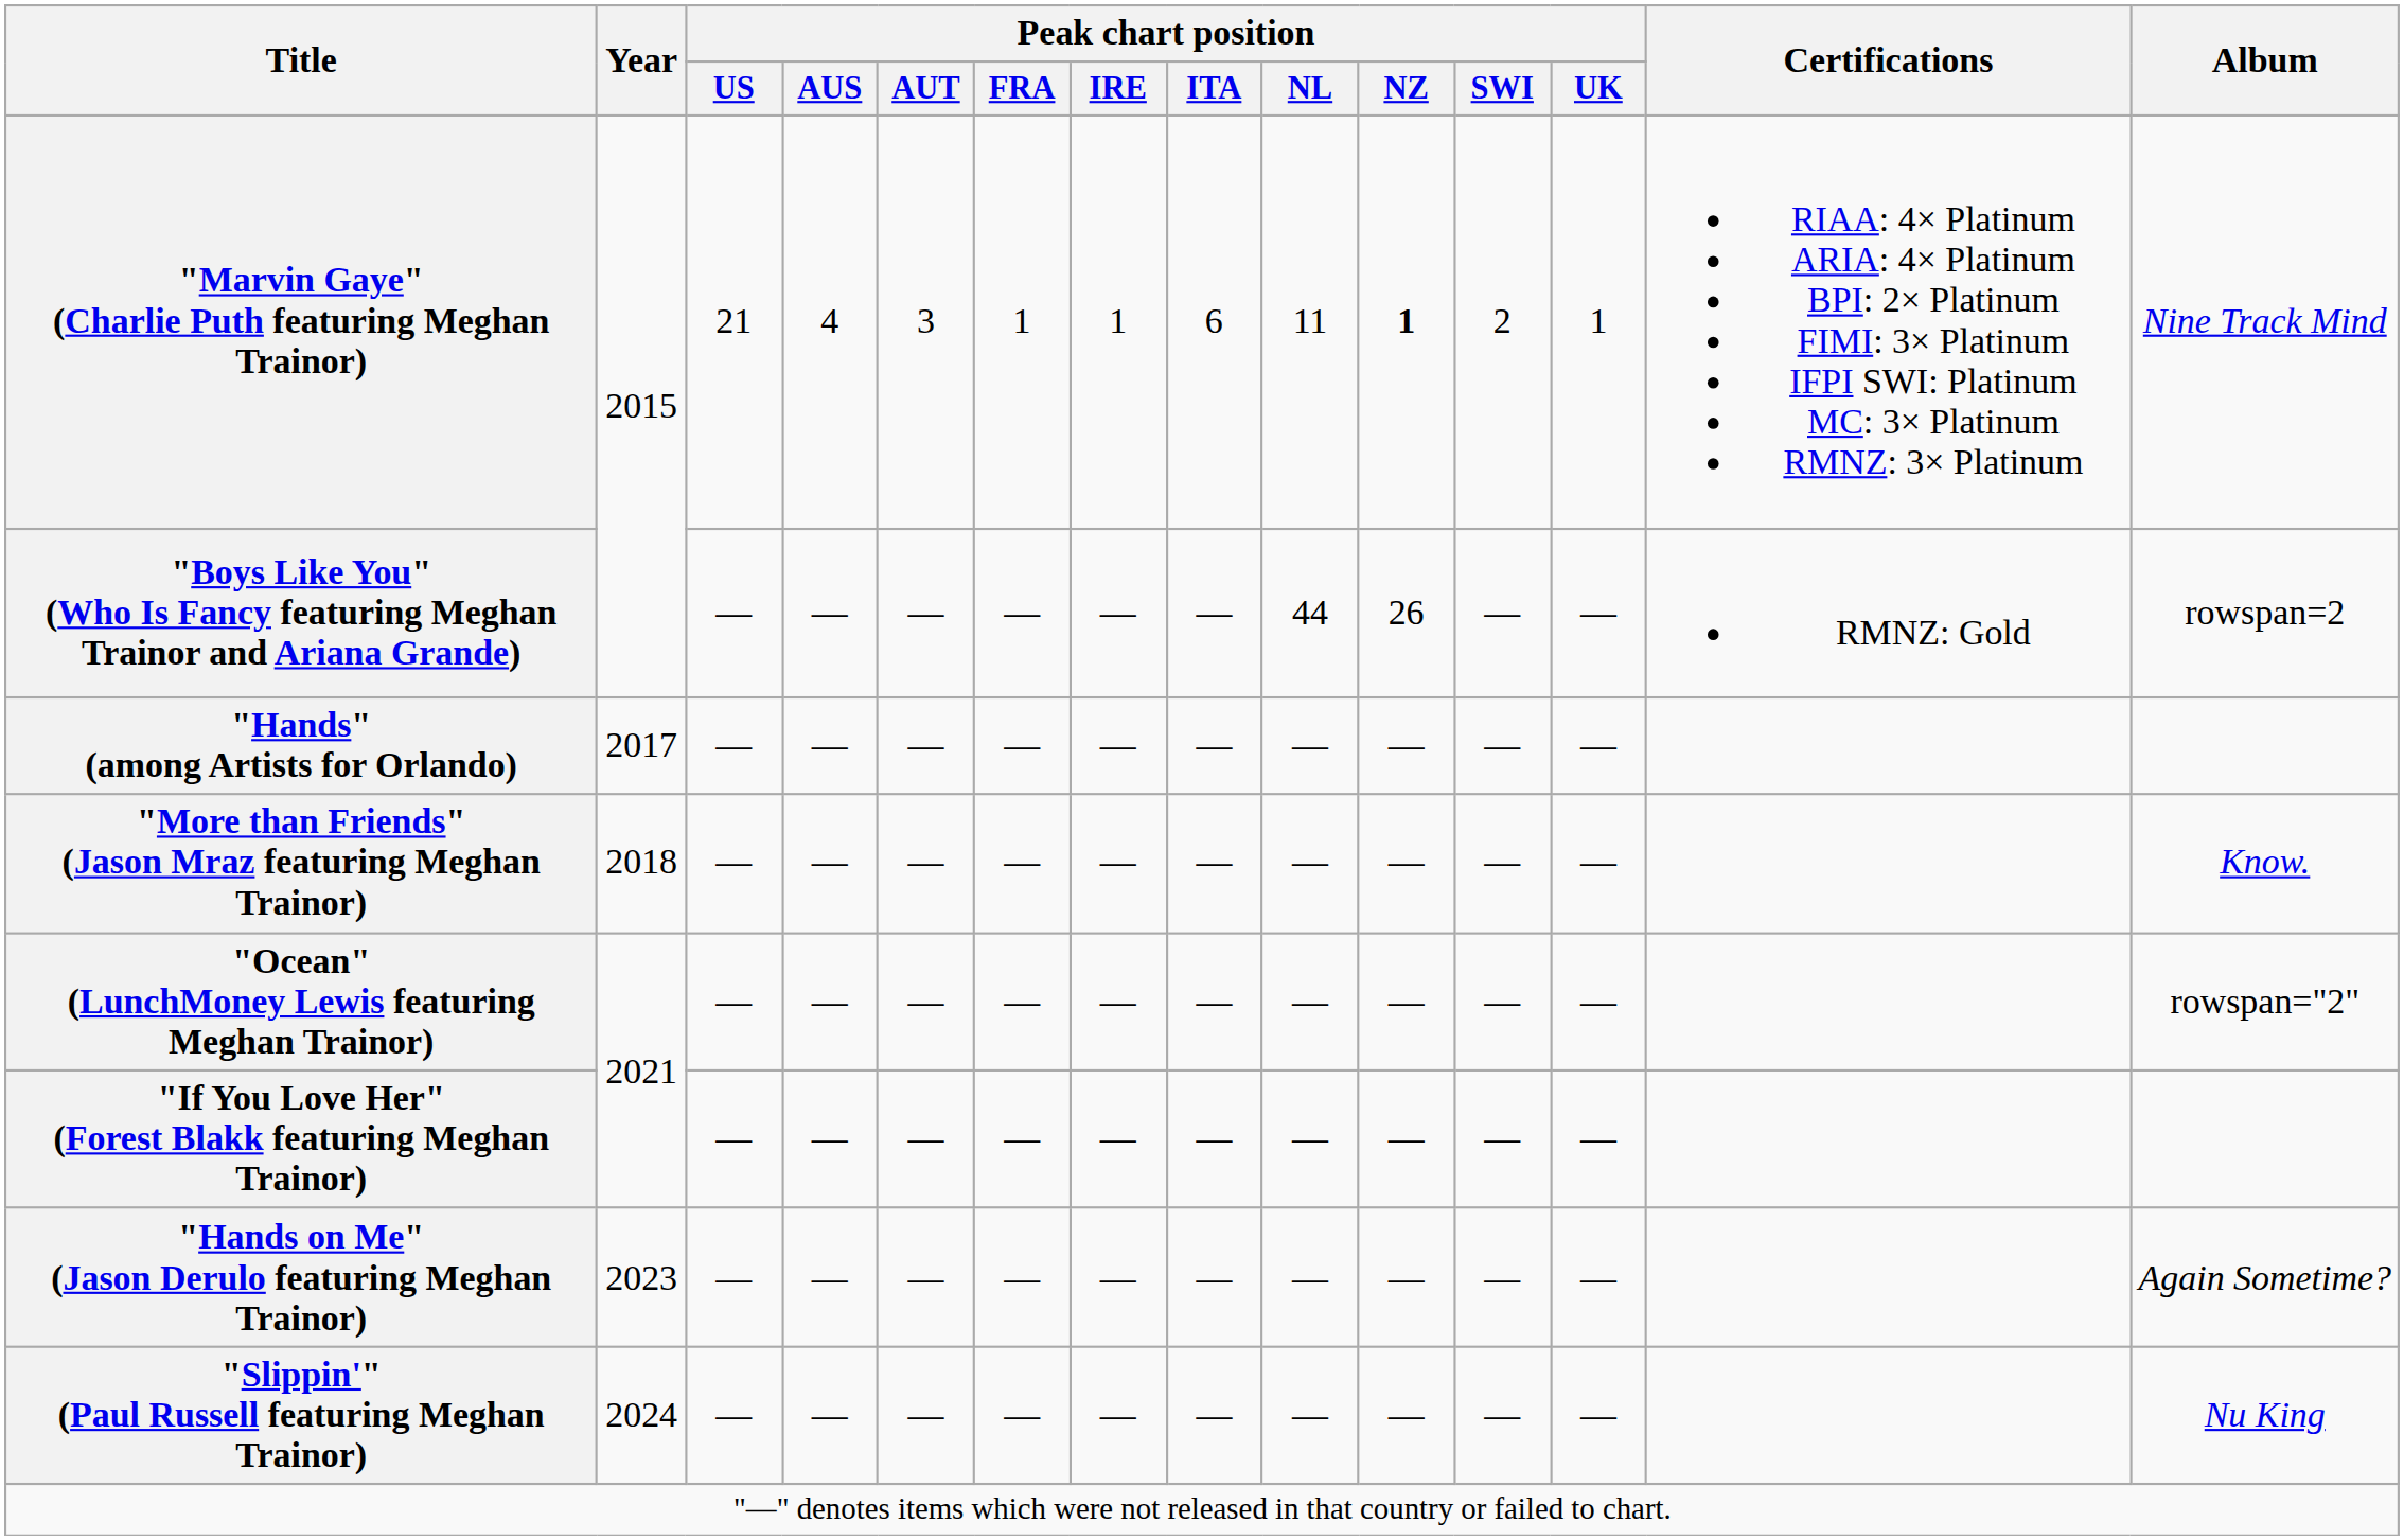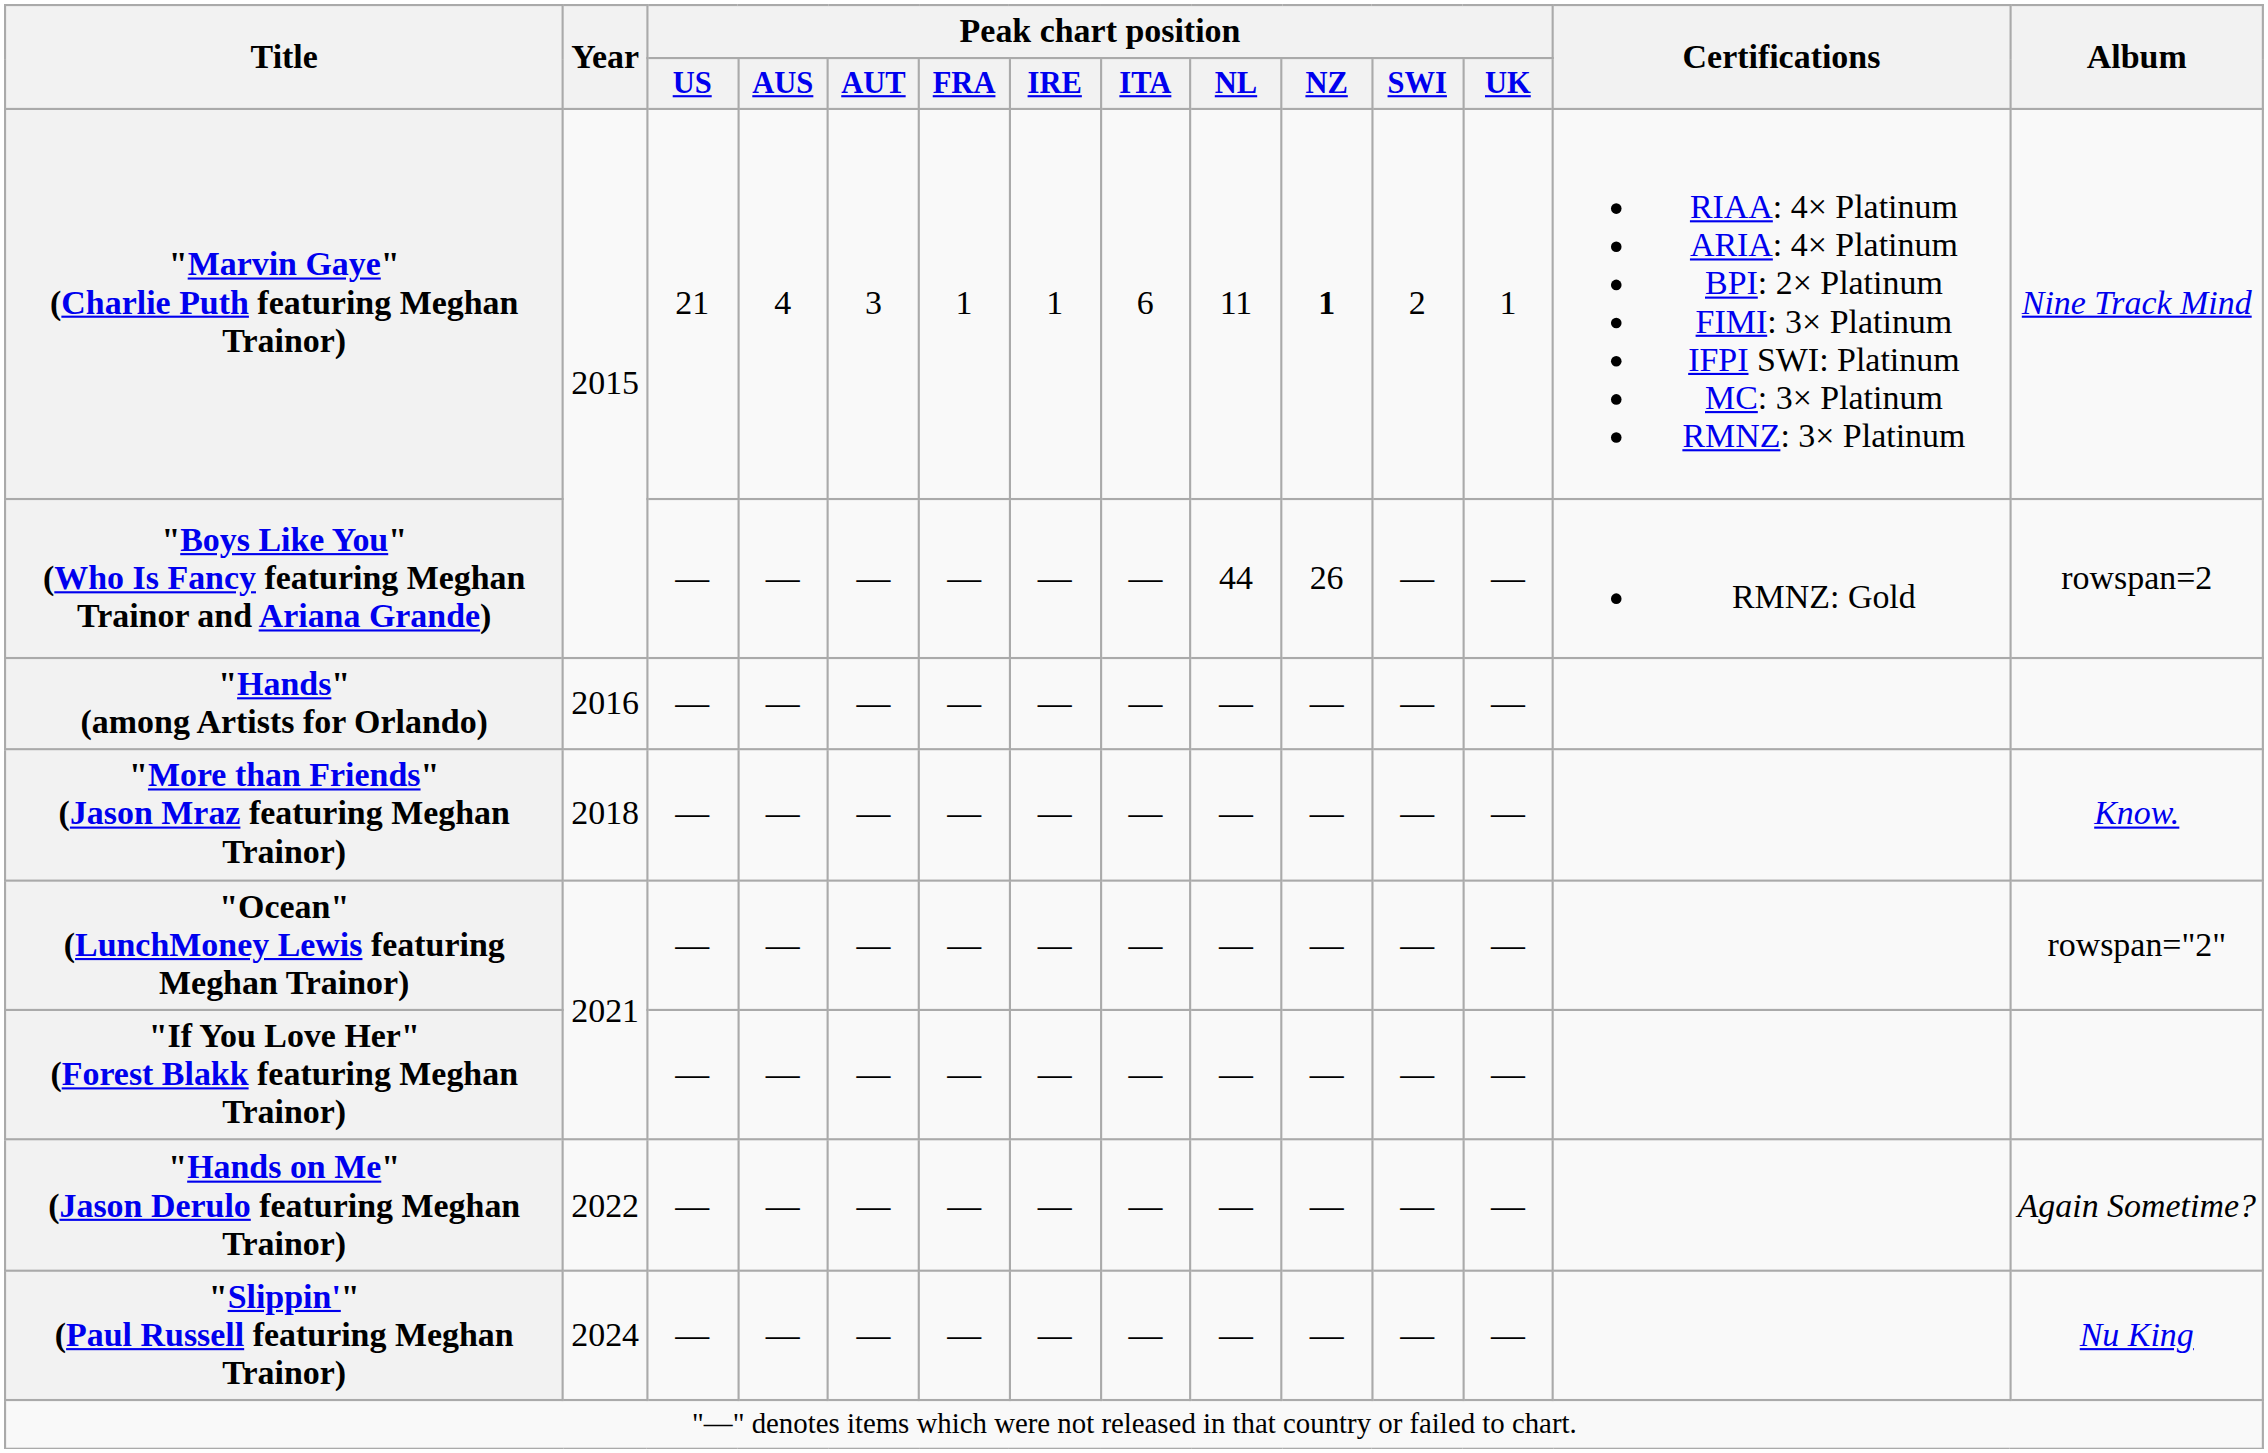 <table class="wikitable plainrowheaders" style="text-align:center;">
 <tr>
 <th scope="col" rowspan="2" style="width:16em;">Title</th>
 <th scope="col" rowspan="2">Year</th>
 <th scope="col" colspan="10">Peak chart position</th>
 <th scope="col" rowspan="2" style="width:13em;">Certifications</th>
 <th scope="col" rowspan="2">Album</th>
 </tr>
 <tr>
 <th scope="col" style="width:2.5em;font-size:90%;"><a href='#'>US</a><br></th>
 <th scope="col" style="width:2.5em;font-size:90%;"><a href='#'>AUS</a><br></th>
 <th scope="col" style="width:2.5em;font-size:90%;"><a href='#'>AUT</a><br></th>
 <th scope="col" style="width:2.5em;font-size:90%;"><a href='#'>FRA</a><br></th>
 <th scope="col" style="width:2.5em;font-size:90%;"><a href='#'>IRE</a><br></th>
 <th scope="col" style="width:2.5em;font-size:90%;"><a href='#'>ITA</a><br></th>
 <th scope="col" style="width:2.5em;font-size:90%;"><a href='#'>NL</a><br></th>
 <th scope="col" style="width:2.5em;font-size:90%;"><a href='#'>NZ</a><br></th>
 <th scope="col" style="width:2.5em;font-size:90%;"><a href='#'>SWI</a><br></th>
 <th scope="col" style="width:2.5em;font-size:90%;"><a href='#'>UK</a><br></th>
 </tr>
 <tr>
 <th scope="row">"<a href='#'>Marvin Gaye</a>"<br><span>(<a href='#'>Charlie Puth</a> featuring Meghan Trainor)</span></th>
 <td rowspan=2>2015</td>
 <td>21</td>
 <td>4</td>
 <td>3</td>
 <td>1</td>
 <td>1</td>
 <td>6</td>
 <td>11</td>
 <td><strong>1</strong></td>
 <td>2</td>
 <td>1</td>
 <td><br><ul><li><a href='#'>RIAA</a>: 4× Platinum</li><li><a href='#'>ARIA</a>: 4× Platinum</li><li><a href='#'>BPI</a>: 2× Platinum</li><li><a href='#'>FIMI</a>: 3× Platinum</li><li><a href='#'>IFPI</a> SWI: Platinum</li><li><a href='#'>MC</a>: 3× Platinum</li><li><a href='#'>RMNZ</a>: 3× Platinum</li></ul></td>
 <td><em><a href='#'>Nine Track Mind</a></em></td>
 </tr>
 <tr>
 <th scope="row">"<a href='#'>Boys Like You</a>"<br><span>(<a href='#'>Who Is Fancy</a> featuring Meghan Trainor and <a href='#'>Ariana Grande</a>)</span></th>
 <td>—</td>
 <td>—</td>
 <td>—</td>
 <td>—</td>
 <td>—</td>
 <td>—</td>
 <td>44</td>
 <td>26</td>
 <td>—</td>
 <td>—</td>
 <td><br><ul><li>RMNZ: Gold</li></ul></td>
 <td>rowspan=2 </td>
 </tr>
 <tr>
 <th scope="row">"<a href='#'>Hands</a>"<br><span>(among Artists for Orlando)</span></th>
-<td>2017</td>
+<td>2016</td>
 <td>—</td>
 <td>—</td>
 <td>—</td>
 <td>—</td>
 <td>—</td>
 <td>—</td>
 <td>—</td>
 <td>—</td>
 <td>—</td>
 <td>—</td>
 <td></td>
 </tr>
 <tr>
 <th scope="row">"<a href='#'>More than Friends</a>"<br><span>(<a href='#'>Jason Mraz</a> featuring Meghan Trainor)</span></th>
 <td>2018</td>
 <td>—</td>
 <td>—</td>
 <td>—</td>
 <td>—</td>
 <td>—</td>
 <td>—</td>
 <td>—</td>
 <td>—</td>
 <td>—</td>
 <td>—</td>
 <td></td>
 <td><em><a href='#'>Know.</a></em></td>
 </tr>
 <tr>
 <th scope="row">"Ocean"<br><span>(<a href='#'>LunchMoney Lewis</a> featuring Meghan Trainor)</span></th>
 <td rowspan="2">2021</td>
 <td>—</td>
 <td>—</td>
 <td>—</td>
 <td>—</td>
 <td>—</td>
 <td>—</td>
 <td>—</td>
 <td>—</td>
 <td>—</td>
 <td>—</td>
 <td></td>
 <td>rowspan="2" </td>
 </tr>
 <tr>
 <th scope="row">"If You Love Her"<br><span>(<a href='#'>Forest Blakk</a> featuring Meghan Trainor)</span></th>
 <td>—</td>
 <td>—</td>
 <td>—</td>
 <td>—</td>
 <td>—</td>
 <td>—</td>
 <td>—</td>
 <td>—</td>
 <td>—</td>
 <td>—</td>
 <td></td>
 </tr>
 <tr>
 <th scope="row">"<a href='#'>Hands on Me</a>"<br><span>(<a href='#'>Jason Derulo</a> featuring Meghan Trainor)</span></th>
-<td>2023</td>
+<td>2022</td>
 <td>—</td>
 <td>—</td>
 <td>—</td>
 <td>—</td>
 <td>—</td>
 <td>—</td>
 <td>—</td>
 <td>—</td>
 <td>—</td>
 <td>—</td>
 <td></td>
 <td><em>Again Sometime?</em></td>
 </tr>
 <tr>
 <th scope="row">"<a href='#'>Slippin'</a>"<br><span>(<a href='#'>Paul Russell</a> featuring Meghan Trainor)</span></th>
 <td>2024</td>
 <td>—</td>
 <td>—</td>
 <td>—</td>
 <td>—</td>
 <td>—</td>
 <td>—</td>
 <td>—</td>
 <td>—</td>
 <td>—</td>
 <td>—</td>
 <td></td>
 <td><em><a href='#'>Nu King</a></em></td>
 </tr>
 <tr>
 <td align="center" colspan="14" style="font-size:85%">"—" denotes items which were not released in that country or failed to chart.</td>
 </tr>
 </table>
